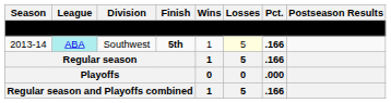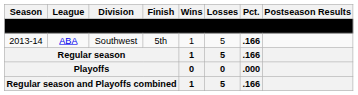 <table class="wikitable" style="font-size:95%">
 <tr>
 <th>Season</th>
 <th>League</th>
 <th>Division</th>
 <th>Finish</th>
 <th>Wins</th>
 <th>Losses</th>
 <th>Pct.</th>
 <th>Postseason Results</th>
 </tr>
 <tr>
 <td colspan="10" align="center" bgcolor="black"><span><strong>Texarkana Panthers</strong></span></td>
 </tr>
 <tr align="center">
 <td>2013-14</td>
-<td style="background: paleturquoise;"><a href='#'>ABA</a></td>
+<td><a href='#'>ABA</a></td>
 <td>Southwest</td>
-<td><strong>5th</strong></td>
+<td>5th</td>
 <td>1</td>
-<td style="background: lightyellow;">5</td>
+<td>5</td>
 <td><strong>.166</strong></td>
 <td></td>
 </tr>
 <tr align="center">
 <th colspan="4">Regular season</th>
 <th>1</th>
 <th>5</th>
 <th>.166</th>
 <th></th>
 </tr>
 <tr align="center">
 <th colspan="4">Playoffs</th>
 <th>0</th>
 <th>0</th>
 <th>.000</th>
 <th></th>
 </tr>
 <tr align="center">
 <th colspan="4">Regular season and Playoffs combined</th>
 <th>1</th>
 <th>5</th>
 <th>.166</th>
 <th></th>
 </tr>
 </table>
